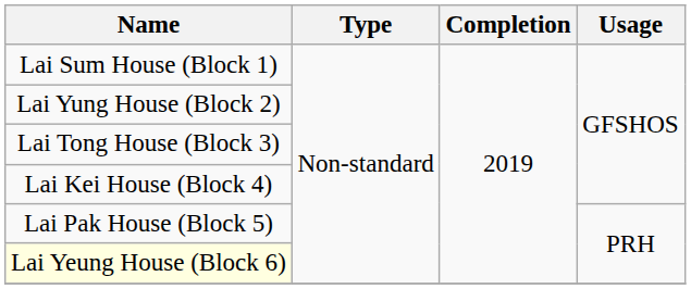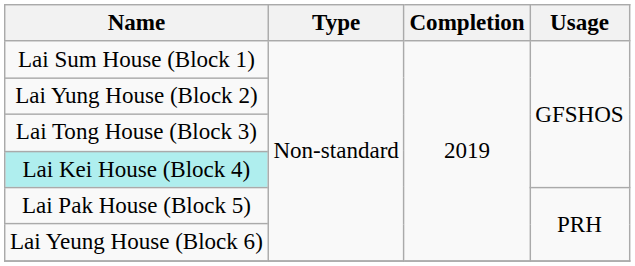 <table class="wikitable" style="text-align: center">
 <tr>
 <th>Name</th>
 <th>Type</th>
 <th>Completion</th>
 <th>Usage</th>
 </tr>
 <tr>
 <td>Lai Sum House (Block 1)</td>
 <td rowspan="6">Non-standard</td>
 <td rowspan="6">2019</td>
 <td rowspan="4">GFSHOS</td>
 </tr>
 <tr>
 <td>Lai Yung House (Block 2)</td>
 </tr>
 <tr>
 <td>Lai Tong House (Block 3)</td>
 </tr>
 <tr>
-<td>Lai Kei House (Block 4)</td>
+<td style="background: paleturquoise;">Lai Kei House (Block 4)</td>
 </tr>
 <tr>
 <td>Lai Pak House (Block 5)</td>
 <td rowspan="2">PRH</td>
 </tr>
 <tr>
-<td style="background: lightyellow;">Lai Yeung House (Block 6)</td>
+<td>Lai Yeung House (Block 6)</td>
 </tr>
 <tr>
 </tr>
 </table>
